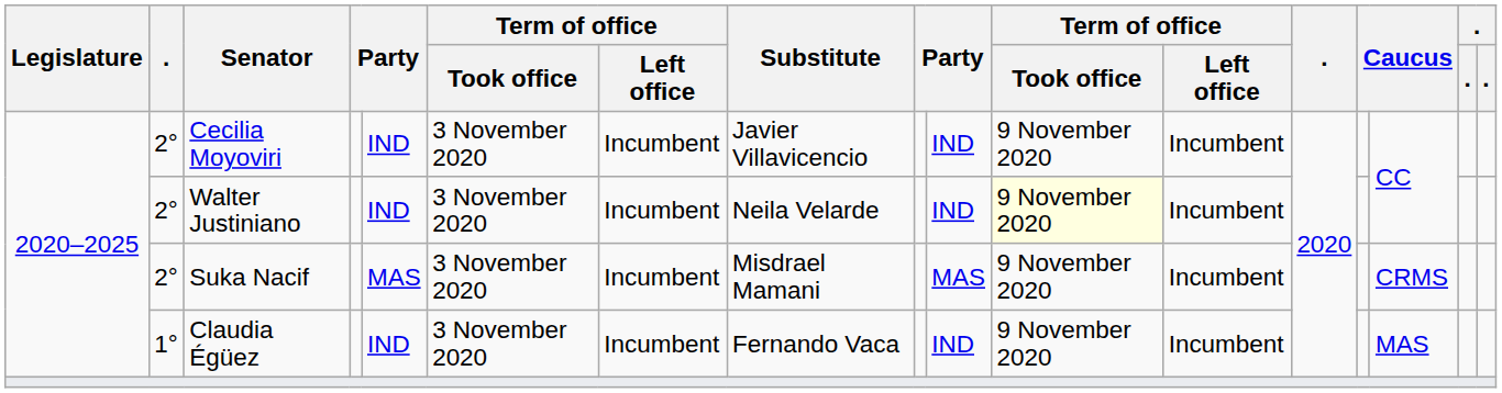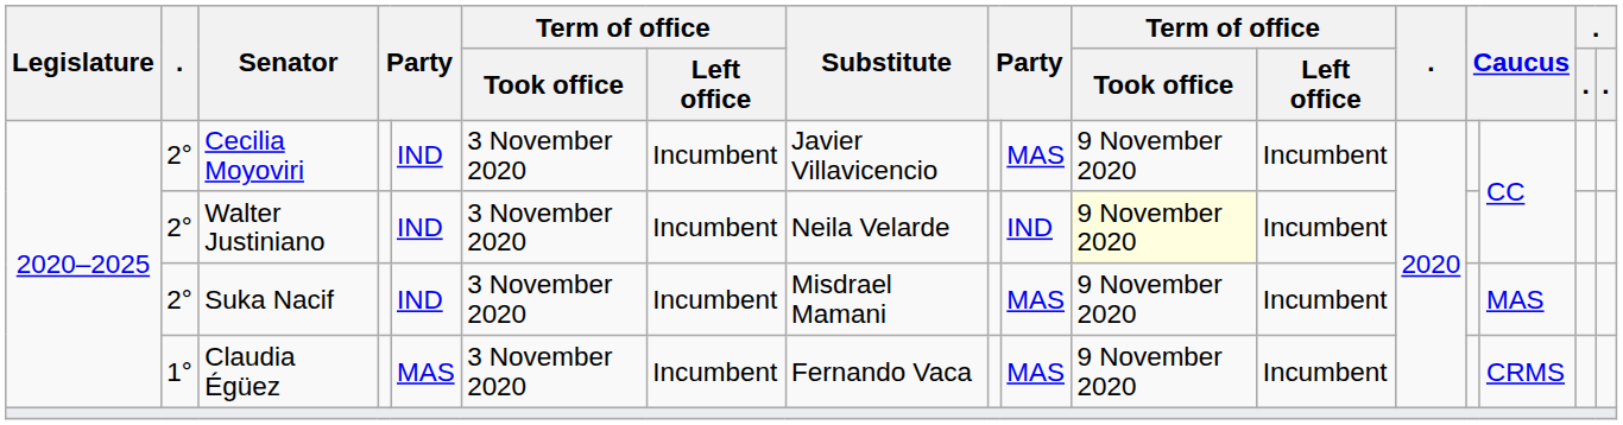 <table class="wikitable" style="font-size: 90%;">
 <tr>
 <th rowspan=2>Legislature</th>
 <th rowspan=2>.</th>
 <th rowspan=2>Senator</th>
 <th rowspan=2 colspan=2>Party</th>
 <th colspan=2>Term of office</th>
 <th rowspan=2>Substitute</th>
 <th rowspan=2 colspan=2>Party</th>
 <th colspan=2>Term of office</th>
 <th rowspan=2>.</th>
 <th rowspan=2 colspan=2><a href='#'>Caucus</a></th>
 <th colspan=2>.</th>
 </tr>
 <tr>
 <th>Took office</th>
 <th>Left office</th>
 <th>Took office</th>
 <th>Left office</th>
 <th>.</th>
 <th>.</th>
 </tr>
 <tr>
 <td style="text-align:center;" rowspan=4><a href='#'>2020–2025</a><br></td>
 <td>2°</td>
 <td><a href='#'>Cecilia Moyoviri</a></td>
 <td style="background-color:"></td>
 <td><a href='#'>IND</a></td>
 <td>3 November 2020</td>
 <td>Incumbent</td>
 <td>Javier Villavicencio</td>
 <td style="background-color:"></td>
-<td><a href='#'>IND</a></td>
+<td><a href='#'>MAS</a></td>
 <td>9 November 2020</td>
 <td>Incumbent</td>
 <td rowspan=4><a href='#'>2020</a></td>
 <td style="background-color:"></td>
 <td rowspan=2><a href='#'>CC</a></td>
 <td></td>
 <td></td>
 </tr>
 <tr>
 <td>2°</td>
 <td>Walter Justiniano</td>
 <td style="background-color:"></td>
 <td><a href='#'>IND</a></td>
 <td>3 November 2020</td>
 <td>Incumbent</td>
 <td>Neila Velarde</td>
 <td style="background-color:"></td>
 <td><a href='#'>IND</a></td>
 <td style="background: lightyellow;">9 November 2020</td>
 <td>Incumbent</td>
 <td></td>
 <td></td>
 </tr>
 <tr>
 <td>2°</td>
 <td>Suka Nacif</td>
 <td style="background-color:"></td>
+<td><a href='#'>IND</a></td>
+<td>3 November 2020</td>
+<td>Incumbent</td>
+<td>Misdrael Mamani</td>
+<td style="background-color:"></td>
+<td><a href='#'>MAS</a></td>
+<td>9 November 2020</td>
+<td>Incumbent</td>
+<td style="background-color:"></td>
+<td><a href='#'>MAS</a></td>
+<td></td>
+<td></td>
+</tr>
+<tr>
+<td>1°</td>
+<td>Claudia Égüez</td>
+<td style="background-color:"></td>
 <td><a href='#'>MAS</a></td>
 <td>3 November 2020</td>
 <td>Incumbent</td>
-<td>Misdrael Mamani</td>
+<td>Fernando Vaca</td>
 <td style="background-color:"></td>
 <td><a href='#'>MAS</a></td>
 <td>9 November 2020</td>
 <td>Incumbent</td>
 <td style="background-color:"></td>
 <td><a href='#'>CRMS</a></td>
 <td></td>
 <td></td>
 </tr>
 <tr>
-<td>1°</td>
-<td>Claudia Égüez</td>
-<td style="background-color:"></td>
-<td><a href='#'>IND</a></td>
-<td>3 November 2020</td>
-<td>Incumbent</td>
-<td>Fernando Vaca</td>
-<td style="background-color:"></td>
-<td><a href='#'>IND</a></td>
-<td>9 November 2020</td>
-<td>Incumbent</td>
-<td style="background-color:"></td>
-<td><a href='#'>MAS</a></td>
-<td></td>
-<td></td>
-</tr>
-<tr>
 <td colspan=17 bgcolor="#EAECF0"></td>
 </tr>
 </table>
